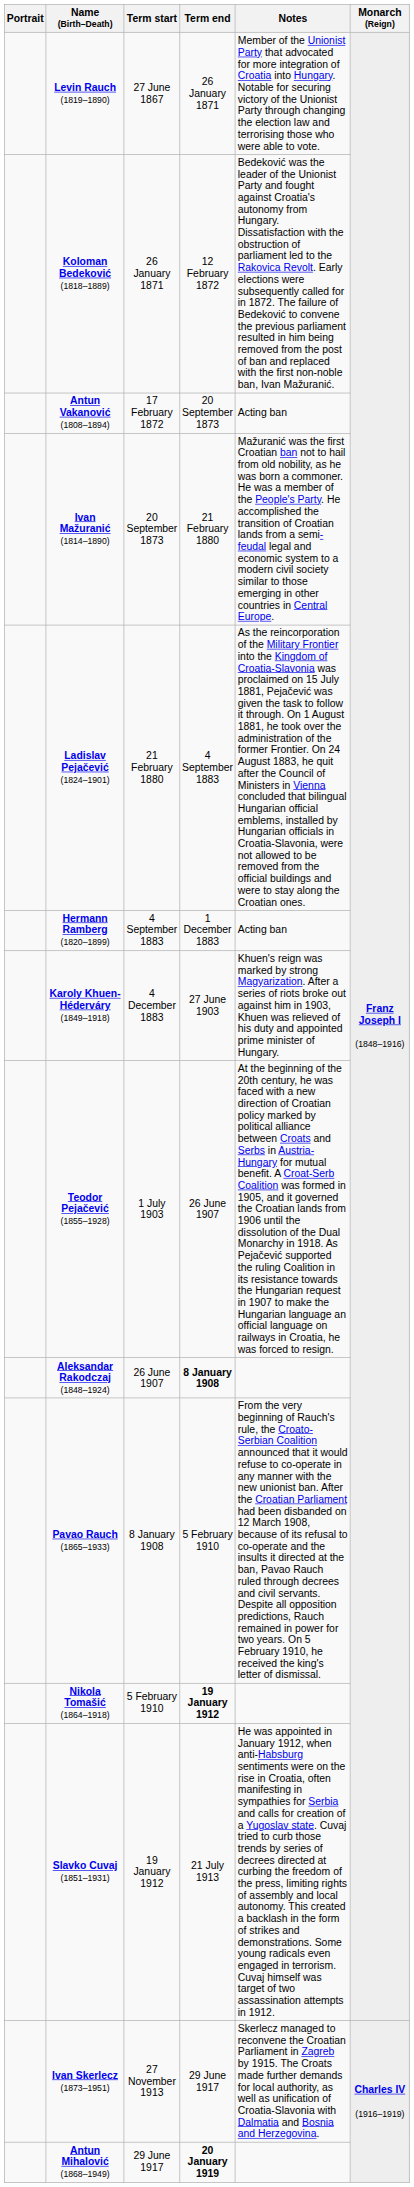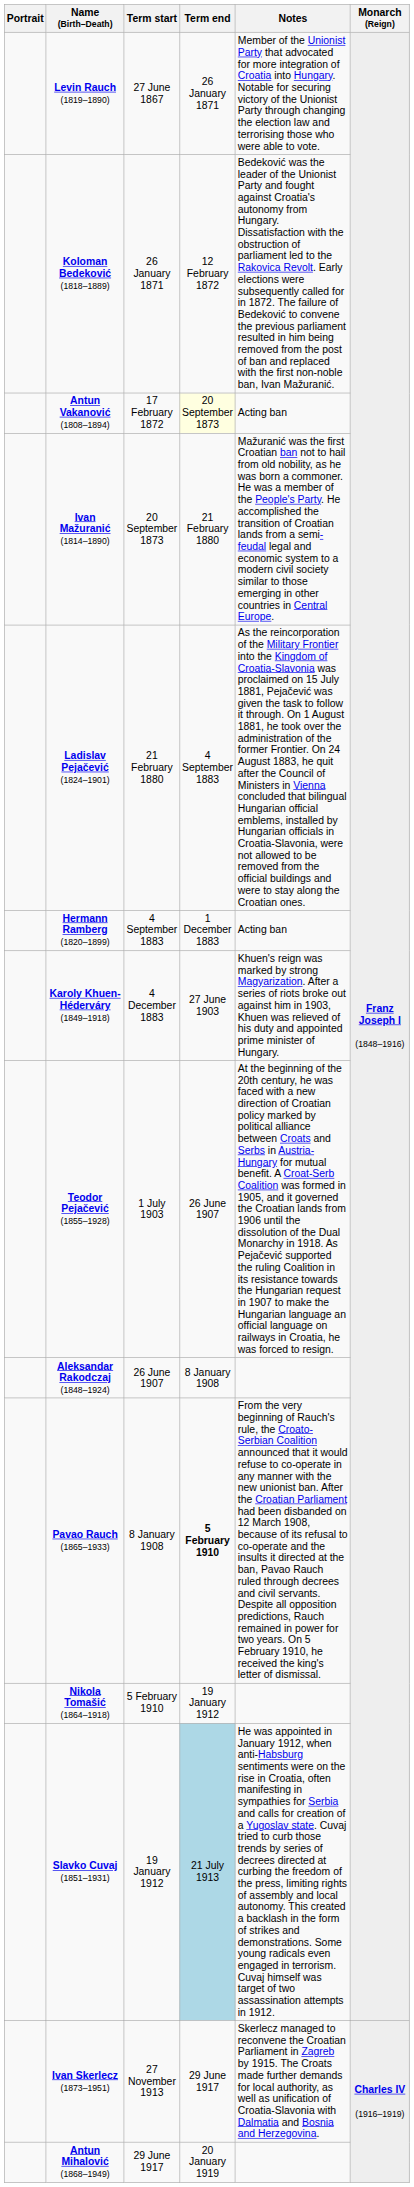 <table class="wikitable" style="text-align:center" width=100%>
 <tr>
 <th width=5%>Portrait</th>
 <th width=20%>Name<small><br>(Birth–Death)</small></th>
 <th width=12%>Term start</th>
 <th width=12%>Term end</th>
 <th width=30%>Notes</th>
 <th width=15%>Monarch<br><small>(Reign)</small></th>
 </tr>
 <tr>
 <td></td>
 <td><strong><a href='#'>Levin Rauch</a></strong><br><small>(1819–1890)</small></td>
 <td>27 June 1867</td>
 <td>26 January 1871</td>
 <td align="left">Member of the <a href='#'>Unionist Party</a> that advocated for more integration of <a href='#'>Croatia</a> into <a href='#'>Hungary</a>. Notable for securing victory of the Unionist Party through changing the election law and terrorising those who were able to vote.</td>
 <td rowspan="13" bgcolor="#EEEEEE"><strong><a href='#'>Franz Joseph I</a></strong><br><br><small>(1848–1916)</small></td>
 </tr>
 <tr>
 <td></td>
 <td><strong><a href='#'>Koloman Bedeković</a></strong><br><small>(1818–1889)</small></td>
 <td>26 January 1871</td>
 <td>12 February 1872</td>
 <td align="left">Bedeković was the leader of the Unionist Party and fought against Croatia's autonomy from Hungary. Dissatisfaction with the obstruction of parliament led to the <a href='#'>Rakovica Revolt</a>. Early elections were subsequently called for in 1872. The failure of Bedeković to convene the previous parliament resulted in him being removed from the post of ban and replaced with the first non-noble ban, Ivan Mažuranić.</td>
 </tr>
 <tr>
 <td></td>
 <td><strong><a href='#'>Antun Vakanović</a></strong><br><small>(1808–1894)</small></td>
 <td>17 February 1872</td>
-<td>20 September 1873</td>
+<td style="background: lightyellow;">20 September 1873</td>
 <td align="left">Acting ban</td>
 </tr>
 <tr>
 <td></td>
 <td><strong><a href='#'>Ivan Mažuranić</a></strong><br><small>(1814–1890)</small></td>
 <td>20 September 1873</td>
 <td>21 February 1880</td>
 <td align="left">Mažuranić was the first Croatian <a href='#'>ban</a> not to hail from old nobility, as he was born a commoner. He was a member of the <a href='#'>People's Party</a>. He accomplished the transition of Croatian lands from a semi<a href='#'>-feudal</a> legal and economic system to a modern civil society similar to those emerging in other countries in <a href='#'>Central Europe</a>.</td>
 </tr>
 <tr>
 <td></td>
 <td><strong><a href='#'>Ladislav Pejačević</a></strong><br><small>(1824–1901)</small></td>
 <td>21 February 1880</td>
 <td>4 September 1883</td>
 <td align="left">As the reincorporation of the <a href='#'>Military Frontier</a> into the <a href='#'>Kingdom of Croatia-Slavonia</a> was proclaimed on 15 July 1881, Pejačević was given the task to follow it through. On 1 August 1881, he took over the administration of the former Frontier. On 24 August 1883, he quit after the Council of Ministers in <a href='#'>Vienna</a> concluded that bilingual Hungarian official emblems, installed by Hungarian officials in Croatia-Slavonia, were not allowed to be removed from the official buildings and were to stay along the Croatian ones.</td>
 </tr>
 <tr>
 <td></td>
 <td><strong><a href='#'>Hermann Ramberg</a></strong><br><small>(1820–1899)</small></td>
 <td>4 September 1883</td>
 <td>1 December 1883</td>
 <td align="left">Acting ban</td>
 </tr>
 <tr>
 <td></td>
 <td><strong><a href='#'>Karoly Khuen-Héderváry</a></strong><br><small>(1849–1918)</small></td>
 <td>4 December 1883</td>
 <td>27 June 1903</td>
 <td align="left">Khuen's reign was marked by strong <a href='#'>Magyarization</a>. After a series of riots broke out against him in 1903, Khuen was relieved of his duty and appointed prime minister of Hungary.</td>
 </tr>
 <tr>
 <td></td>
 <td><strong><a href='#'>Teodor Pejačević</a></strong><br><small>(1855–1928)</small></td>
 <td>1 July 1903</td>
 <td>26 June 1907</td>
 <td align="left">At the beginning of the 20th century, he was faced with a new direction of Croatian policy marked by political alliance between <a href='#'>Croats</a> and <a href='#'>Serbs</a> in <a href='#'>Austria-Hungary</a> for mutual benefit. A <a href='#'>Croat-Serb Coalition</a> was formed in 1905, and it governed the Croatian lands from 1906 until the dissolution of the Dual Monarchy in 1918. As Pejačević supported the ruling Coalition in its resistance towards the Hungarian request in 1907 to make the Hungarian language an official language on railways in Croatia, he was forced to resign.</td>
 </tr>
 <tr>
 <td></td>
 <td><a href='#'><strong>Aleksandar Rakodczaj</strong></a><br><small>(1848–1924)</small></td>
 <td>26 June 1907</td>
-<td><strong>8 January 1908</strong></td>
+<td>8 January 1908</td>
 <td></td>
 </tr>
 <tr>
 <td></td>
 <td><strong><a href='#'>Pavao Rauch</a></strong><br><small>(1865–1933)</small></td>
 <td>8 January 1908</td>
-<td>5 February 1910</td>
+<td><strong>5 February 1910</strong></td>
 <td align="left">From the very beginning of Rauch's rule, the <a href='#'>Croato-Serbian Coalition</a>  announced that it would refuse to co-operate in any manner with the new unionist ban. After the <a href='#'>Croatian Parliament</a> had been disbanded on 12 March 1908, because of its refusal to co-operate and the insults it directed at the ban, Pavao Rauch ruled through decrees and civil servants. Despite all opposition predictions, Rauch remained in power for two years. On 5 February 1910, he received the king's letter of dismissal.</td>
 </tr>
 <tr>
 <td></td>
 <td><strong><a href='#'>Nikola Tomašić</a></strong><br><small>(1864–1918)</small></td>
 <td>5 February 1910</td>
-<td><strong>19 January 1912</strong></td>
+<td>19 January 1912</td>
 </tr>
 <tr>
 <td></td>
 <td><strong><a href='#'>Slavko Cuvaj</a></strong><br><small>(1851–1931)</small></td>
 <td>19 January 1912</td>
-<td>21 July 1913</td>
+<td style="background: lightblue;">21 July 1913</td>
 <td align="left">He was appointed in January 1912, when anti-<a href='#'>Habsburg</a> sentiments were on the rise in Croatia, often manifesting in sympathies for <a href='#'>Serbia</a> and calls for creation of a <a href='#'>Yugoslav state</a>. Cuvaj tried to curb those trends by series of decrees directed at curbing the freedom of the press, limiting rights of assembly and local autonomy. This created a backlash in the form of strikes and demonstrations. Some young radicals even engaged in terrorism. Cuvaj himself was target of two assassination attempts in 1912.</td>
 </tr>
 <tr>
 <td rowspan="2"></td>
 <td rowspan="2"><strong><a href='#'>Ivan Skerlecz</a></strong><br><small>(1873–1951)</small></td>
 <td rowspan="2">27 November 1913</td>
 <td rowspan="2">29 June 1917</td>
 <td rowspan="2" align="left">Skerlecz managed to reconvene the Croatian Parliament in <a href='#'>Zagreb</a> by 1915. The Croats made further demands for local authority, as well as unification of Croatia-Slavonia with <a href='#'>Dalmatia</a> and <a href='#'>Bosnia and Herzegovina</a>.</td>
 </tr>
 <tr>
 <td rowspan="2" bgcolor=#EEEEEE><strong><a href='#'>Charles IV</a></strong><br><br><small>(1916–1919)</small></td>
 </tr>
 <tr>
 <td></td>
 <td><strong><a href='#'>Antun Mihalović</a></strong><br><small>(1868–1949)</small></td>
 <td>29 June 1917</td>
-<td><strong>20 January 1919</strong></td>
+<td>20 January 1919</td>
 <td></td>
 </tr>
 </table>
